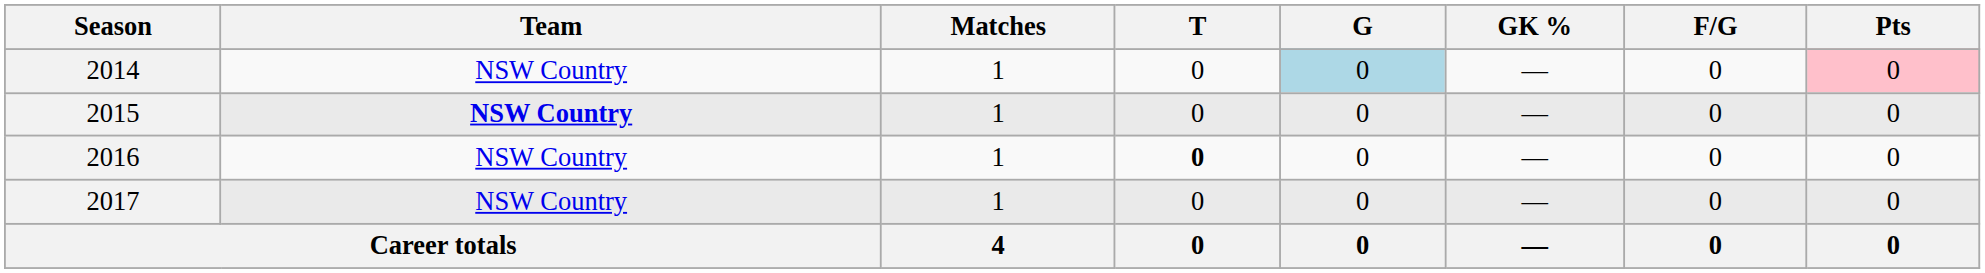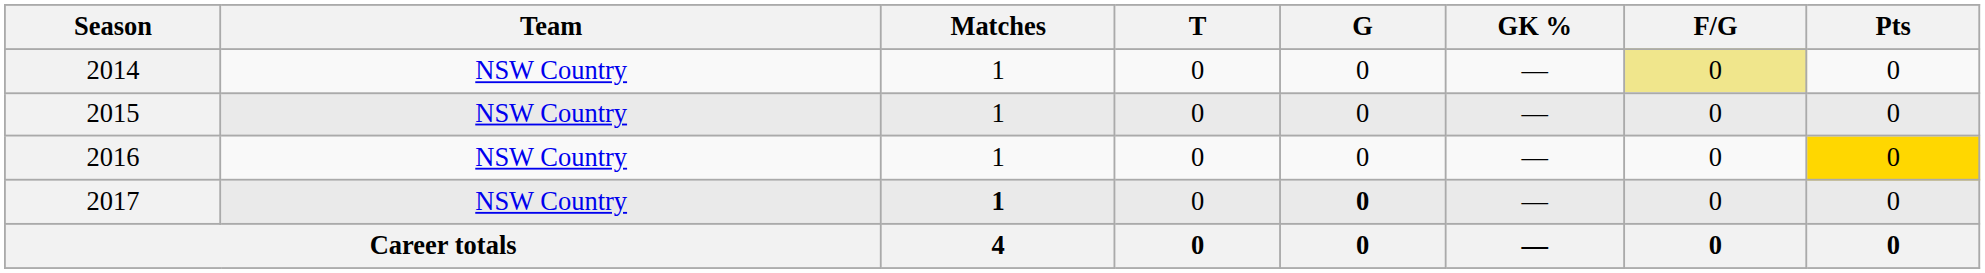 <table class="wikitable sortable"  style="font-size:90%; text-align:center; width:85%;">
 <tr>
 <th width=2%>Season</th>
 <th width=8%>Team</th>
 <th width=2%>Matches</th>
 <th width=2%>T</th>
 <th width=2%>G</th>
 <th width=2%>GK %</th>
 <th width=2%>F/G</th>
 <th width=2%>Pts</th>
 </tr>
 <tr>
 <th scope="row" style="text-align:center; font-weight:normal">2014</th>
 <td style="text-align:center;"> <a href='#'>NSW Country</a></td>
 <td>1</td>
 <td>0</td>
-<td style="background: lightblue;">0</td>
+<td>0</td>
 <td>—</td>
+<td style="background: khaki;">0</td>
 <td>0</td>
-<td style="background: pink;">0</td>
 </tr>
 <tr style="background:#eaeaea;">
 <th scope="row" style="text-align:center; font-weight:normal">2015</th>
-<td style="text-align:center;"><strong> <a href='#'>NSW Country</a></strong></td>
+<td style="text-align:center;"> <a href='#'>NSW Country</a></td>
 <td>1</td>
 <td>0</td>
 <td>0</td>
 <td>—</td>
 <td>0</td>
 <td>0</td>
 </tr>
 <tr>
 <th scope="row" style="text-align:center; font-weight:normal">2016</th>
 <td style="text-align:center;"> <a href='#'>NSW Country</a></td>
 <td>1</td>
-<td><strong>0</strong></td>
+<td>0</td>
 <td>0</td>
 <td>—</td>
 <td>0</td>
-<td>0</td>
+<td style="background: gold;">0</td>
 </tr>
 <tr style="background:#eaeaea;">
 <th scope="row" style="text-align:center; font-weight:normal">2017</th>
 <td style="text-align:center;"> <a href='#'>NSW Country</a></td>
-<td>1</td>
+<td><strong>1</strong></td>
 <td>0</td>
-<td>0</td>
+<td><strong>0</strong></td>
 <td>—</td>
 <td>0</td>
 <td>0</td>
 </tr>
 <tr class="sortbottom">
 <th colspan=2>Career totals</th>
 <th>4</th>
 <th>0</th>
 <th>0</th>
 <th>—</th>
 <th>0</th>
 <th>0</th>
 </tr>
 </table>
